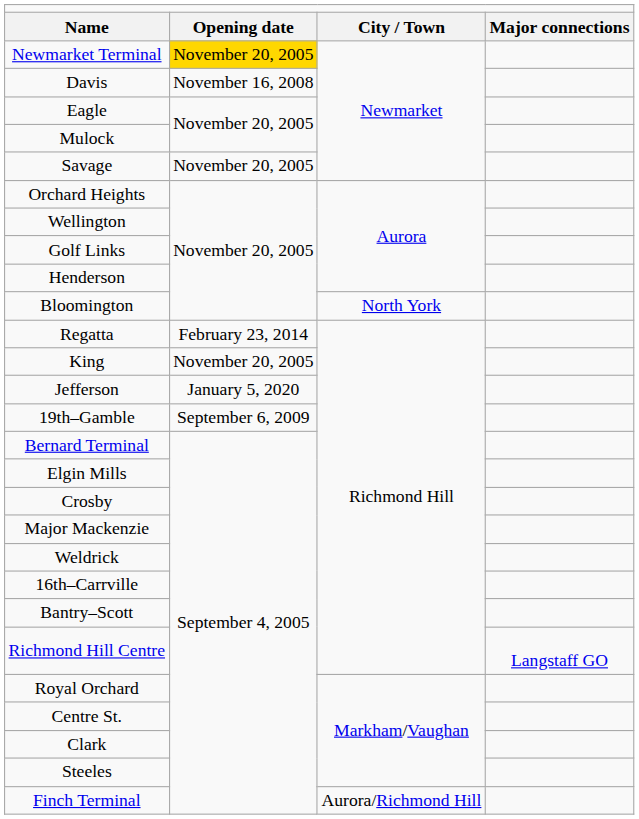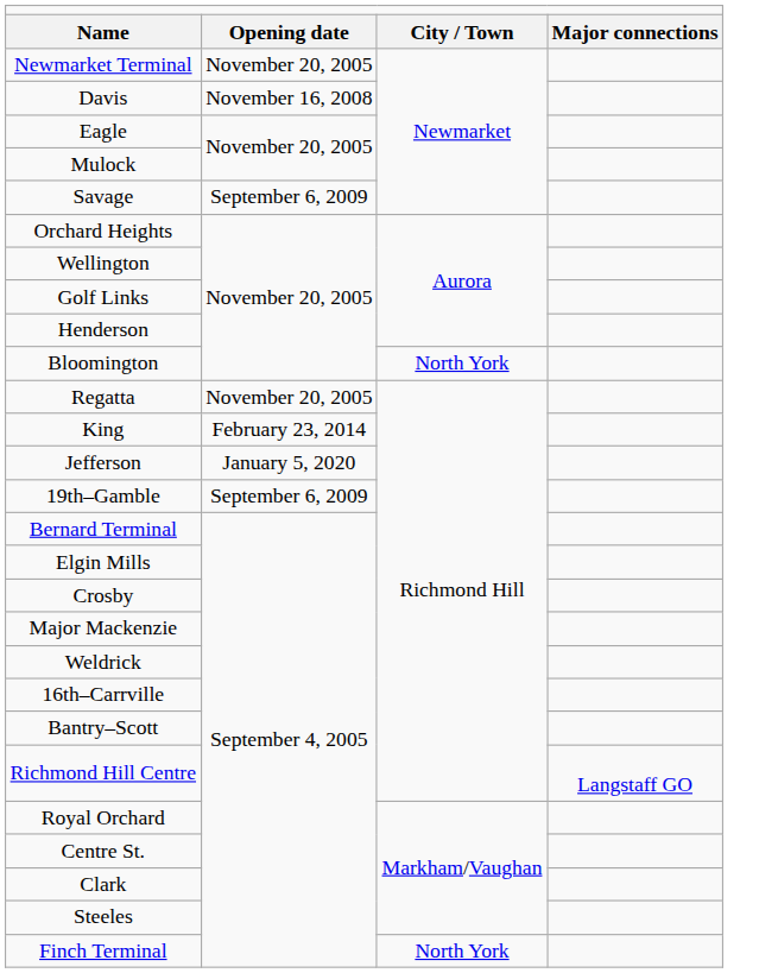 <table class="wikitable" style="text-align:center">
 <tr>
 <td colspan="4"><strong></strong></td>
 </tr>
 <tr>
 <th>Name</th>
 <th>Opening date</th>
 <th>City / Town</th>
 <th>Major connections</th>
 </tr>
 <tr>
 <td><a href='#'>Newmarket Terminal</a></td>
-<td rowspan="1" style="background: gold;">November 20, 2005</td>
+<td rowspan="1">November 20, 2005</td>
 <td rowspan="5"><a href='#'>Newmarket</a></td>
 <td> </td>
 </tr>
 <tr>
 <td>Davis</td>
 <td>November 16, 2008</td>
 <td></td>
 </tr>
 <tr>
 <td>Eagle</td>
 <td rowspan="2">November 20, 2005</td>
 <td></td>
 </tr>
 <tr>
 <td>Mulock</td>
 <td></td>
 </tr>
 <tr>
 <td>Savage</td>
-<td>November 20, 2005</td>
+<td>September 6, 2009</td>
 <td></td>
 </tr>
 <tr>
 <td>Orchard Heights</td>
 <td rowspan="5">November 20, 2005</td>
 <td rowspan="4"><a href='#'>Aurora</a></td>
 <td></td>
 </tr>
 <tr>
 <td>Wellington</td>
 <td></td>
 </tr>
 <tr>
 <td>Golf Links</td>
 <td></td>
 </tr>
 <tr>
 <td>Henderson</td>
 <td></td>
 </tr>
 <tr>
 <td>Bloomington</td>
 <td><a href='#'>North York</a></td>
 <td></td>
 </tr>
 <tr>
 <td>Regatta</td>
-<td>February 23, 2014</td>
+<td>November 20, 2005</td>
 <td rowspan="12">Richmond Hill</td>
 <td></td>
 </tr>
 <tr>
 <td>King</td>
-<td>November 20, 2005</td>
+<td>February 23, 2014</td>
 <td></td>
 </tr>
 <tr>
 <td>Jefferson</td>
 <td>January 5, 2020</td>
 <td></td>
 </tr>
 <tr>
 <td>19th–Gamble</td>
 <td>September 6, 2009</td>
 <td></td>
 </tr>
 <tr>
 <td><a href='#'>Bernard Terminal</a></td>
 <td rowspan="13">September 4, 2005</td>
 <td></td>
 </tr>
 <tr>
 <td>Elgin Mills</td>
 <td></td>
 </tr>
 <tr>
 <td>Crosby</td>
 <td></td>
 </tr>
 <tr>
 <td>Major Mackenzie</td>
 <td></td>
 </tr>
 <tr>
 <td>Weldrick</td>
 <td></td>
 </tr>
 <tr>
 <td>16th–Carrville</td>
 <td></td>
 </tr>
 <tr>
 <td>Bantry–Scott</td>
 <td></td>
 </tr>
 <tr>
 <td><a href='#'>Richmond Hill Centre</a></td>
 <td>  <br> <a href='#'>Langstaff GO</a></td>
 </tr>
 <tr>
 <td>Royal Orchard</td>
 <td rowspan="4"><a href='#'>Markham</a>/<a href='#'>Vaughan</a></td>
 <td></td>
 </tr>
 <tr>
 <td>Centre St.</td>
 <td></td>
 </tr>
 <tr>
 <td>Clark</td>
 <td></td>
 </tr>
 <tr>
 <td>Steeles</td>
 <td></td>
 </tr>
 <tr>
 <td><a href='#'>Finch Terminal</a></td>
-<td>Aurora/<a href='#'>Richmond Hill</a></td>
+<td><a href='#'>North York</a></td>
 <td><br> </td>
 </tr>
 </table>
